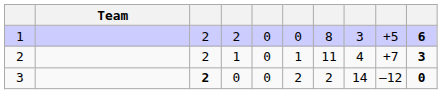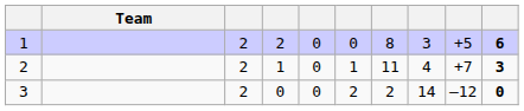 <table class="wikitable" style="text-align: center; font-size: 100%;">
 <tr>
 <th width="25"></th>
 <th width="150">Team</th>
 <th width="25"></th>
 <th width="25"></th>
 <th width="25"></th>
 <th width="25"></th>
 <th width="25"></th>
 <th width="25"></th>
 <th width="25"></th>
 <th width="25"></th>
 </tr>
 <tr style="background-color: #ccccff;">
 <td>1</td>
 <td align=left></td>
 <td>2</td>
 <td>2</td>
 <td>0</td>
 <td>0</td>
 <td>8</td>
 <td>3</td>
 <td>+5</td>
 <td><strong>6</strong></td>
 </tr>
 <tr>
 <td>2</td>
 <td align=left></td>
 <td>2</td>
 <td>1</td>
 <td>0</td>
 <td>1</td>
 <td>11</td>
 <td>4</td>
 <td>+7</td>
 <td><strong>3</strong></td>
 </tr>
 <tr>
 <td>3</td>
 <td align=left></td>
-<td><strong>2</strong></td>
+<td>2</td>
 <td>0</td>
 <td>0</td>
 <td>2</td>
 <td>2</td>
 <td>14</td>
 <td>–12</td>
 <td><strong>0</strong></td>
 </tr>
 </table>
